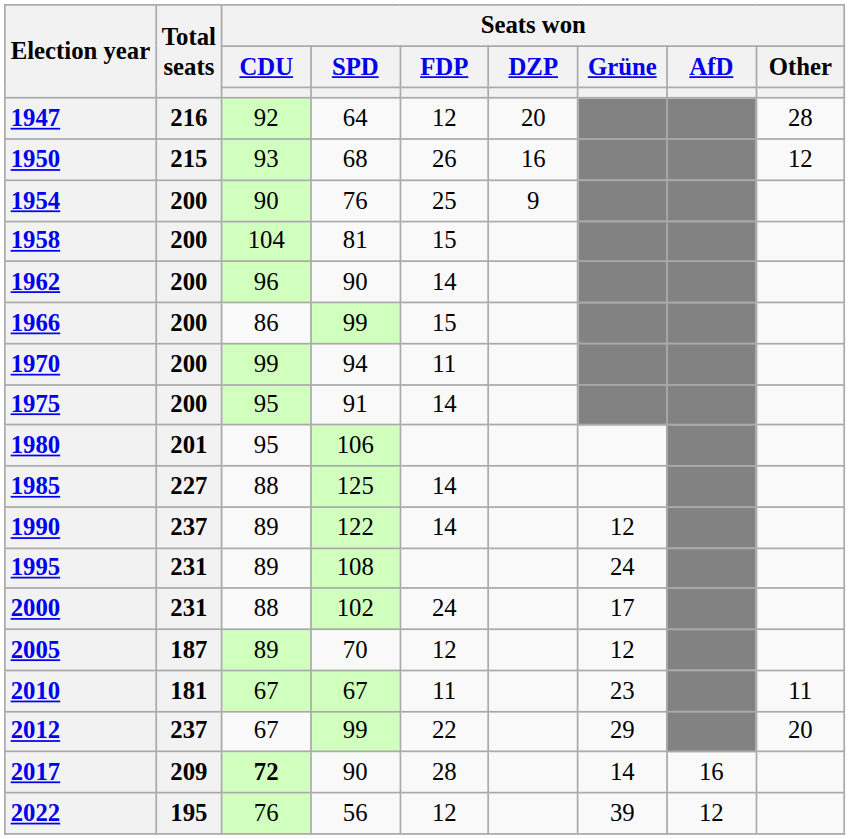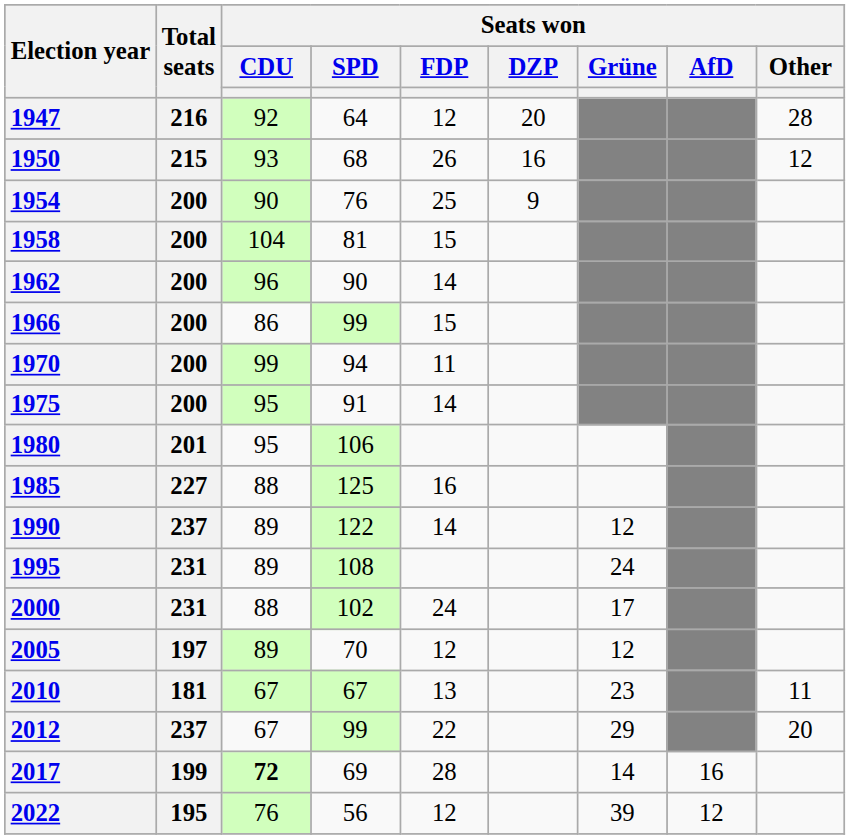 <table class="wikitable" style="text-align:center; font-size: 0.9em;">
 <tr>
 <th rowspan="3">Election year</th>
 <th rowspan="3">Total<br>seats</th>
 <th colspan="7">Seats won</th>
 </tr>
 <tr>
 <th class="unsortable" style="width:45px;"><a href='#'>CDU</a></th>
 <th class="unsortable" style="width:45px;"><a href='#'>SPD</a></th>
 <th class="unsortable" style="width:45px;"><a href='#'>FDP</a></th>
 <th class="unsortable" style="width:45px;"><a href='#'>DZP</a></th>
 <th class="unsortable" style="width:45px;"><a href='#'>Grüne</a></th>
 <th class="unsortable" style="width:45px;"><a href='#'>AfD</a></th>
 <th class="unsortable" style="width:45px;">Other</th>
 </tr>
 <tr>
 <th style="background:"></th>
 <th style="background:"></th>
 <th style="background:"></th>
 <th style="background:"></th>
 <th style="background:"></th>
 <th style="background:"></th>
 <th style="background:"></th>
 </tr>
 <tr>
 <th style="text-align: left;"><a href='#'>1947</a></th>
 <th>216</th>
 <td style="background:#d1ffbd;">92</td>
 <td>64</td>
 <td>12</td>
 <td>20</td>
 <td style="background:#828282;"></td>
 <td style="background:#828282;"></td>
 <td>28 </td>
 </tr>
 <tr>
 <th style="text-align: left;"><a href='#'>1950</a></th>
 <th>215</th>
 <td style="background:#d1ffbd;">93</td>
 <td>68</td>
 <td>26</td>
 <td>16</td>
 <td style="background:#828282;"></td>
 <td style="background:#828282;"></td>
 <td>12 </td>
 </tr>
 <tr>
 <th style="text-align: left;"><a href='#'>1954</a></th>
 <th>200</th>
 <td style="background:#d1ffbd;">90</td>
 <td>76</td>
 <td>25</td>
 <td>9</td>
 <td style="background:#828282;"></td>
 <td style="background:#828282;"></td>
 <td></td>
 </tr>
 <tr>
 <th style="text-align: left;"><a href='#'>1958</a></th>
 <th>200</th>
 <td style="background:#d1ffbd;">104</td>
 <td>81</td>
 <td>15</td>
 <td></td>
 <td style="background:#828282;"></td>
 <td style="background:#828282;"></td>
 <td></td>
 </tr>
 <tr>
 <th style="text-align: left;"><a href='#'>1962</a></th>
 <th>200</th>
 <td style="background:#d1ffbd;">96</td>
 <td>90</td>
 <td>14</td>
 <td></td>
 <td style="background:#828282;"></td>
 <td style="background:#828282;"></td>
 <td></td>
 </tr>
 <tr>
 <th style="text-align: left;"><a href='#'>1966</a></th>
 <th>200</th>
 <td>86</td>
 <td style="background:#d1ffbd;">99</td>
 <td>15</td>
 <td></td>
 <td style="background:#828282;"></td>
 <td style="background:#828282;"></td>
 <td></td>
 </tr>
 <tr>
 <th style="text-align: left;"><a href='#'>1970</a></th>
 <th>200</th>
 <td style="background:#d1ffbd;">99</td>
 <td>94</td>
 <td>11</td>
 <td></td>
 <td style="background:#828282;"></td>
 <td style="background:#828282;"></td>
 <td></td>
 </tr>
 <tr>
 <th style="text-align: left;"><a href='#'>1975</a></th>
 <th>200</th>
 <td style="background:#d1ffbd;">95</td>
 <td>91</td>
 <td>14</td>
 <td></td>
 <td style="background:#828282;"></td>
 <td style="background:#828282;"></td>
 <td></td>
 </tr>
 <tr>
 <th style="text-align: left;"><a href='#'>1980</a></th>
 <th>201</th>
 <td>95</td>
 <td style="background:#d1ffbd;">106</td>
 <td></td>
 <td></td>
 <td></td>
 <td style="background:#828282;"></td>
 <td></td>
 </tr>
 <tr>
 <th style="text-align: left;"><a href='#'>1985</a></th>
 <th>227</th>
 <td>88</td>
 <td style="background:#d1ffbd;">125</td>
-<td>14</td>
+<td>16</td>
 <td></td>
 <td></td>
 <td style="background:#828282;"></td>
 <td></td>
 </tr>
 <tr>
 <th style="text-align: left;"><a href='#'>1990</a></th>
 <th>237</th>
 <td>89</td>
 <td style="background:#d1ffbd;">122</td>
 <td>14</td>
 <td></td>
 <td>12</td>
 <td style="background:#828282;"></td>
 <td></td>
 </tr>
 <tr>
 <th style="text-align: left;"><a href='#'>1995</a></th>
 <th>231</th>
 <td>89</td>
 <td style="background:#d1ffbd;">108</td>
 <td></td>
 <td></td>
 <td>24</td>
 <td style="background:#828282;"></td>
 <td></td>
 </tr>
 <tr>
 <th style="text-align: left;"><a href='#'>2000</a></th>
 <th>231</th>
 <td>88</td>
 <td style="background:#d1ffbd;">102</td>
 <td>24</td>
 <td></td>
 <td>17</td>
 <td style="background:#828282;"></td>
 <td></td>
 </tr>
 <tr>
 <th style="text-align: left;"><a href='#'>2005</a></th>
-<th>187</th>
+<th>197</th>
 <td style="background:#d1ffbd;">89</td>
 <td>70</td>
 <td>12</td>
 <td></td>
 <td>12</td>
 <td style="background:#828282;"></td>
 <td></td>
 </tr>
 <tr>
 <th style="text-align: left;"><a href='#'>2010</a></th>
 <th>181</th>
 <td style="background:#d1ffbd;">67</td>
 <td style="background:#d1ffbd;">67</td>
-<td>11</td>
+<td>13</td>
 <td></td>
 <td>23</td>
 <td style="background:#828282;"></td>
 <td>11 </td>
 </tr>
 <tr>
 <th style="text-align: left;"><a href='#'>2012</a></th>
 <th>237</th>
 <td>67</td>
 <td style="background:#d1ffbd;">99</td>
 <td>22</td>
 <td></td>
 <td>29</td>
 <td style="background:#828282;"></td>
 <td>20 </td>
 </tr>
 <tr>
 <th style="text-align: left;"><a href='#'>2017</a></th>
-<th>209</th>
+<th>199</th>
 <td style="background:#d1ffbd;"><strong>72</strong></td>
-<td>90</td>
+<td>69</td>
 <td>28</td>
 <td></td>
 <td>14</td>
 <td>16</td>
 <td></td>
 </tr>
 <tr>
 <th style="text-align: left;"><a href='#'>2022</a></th>
 <th>195</th>
 <td style="background:#d1ffbd;">76</td>
 <td>56</td>
 <td>12</td>
 <td></td>
 <td>39</td>
 <td>12</td>
 <td></td>
 </tr>
 </table>
